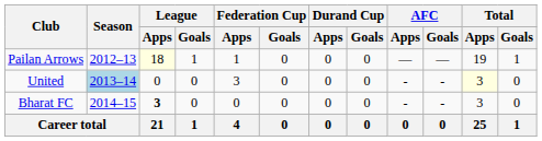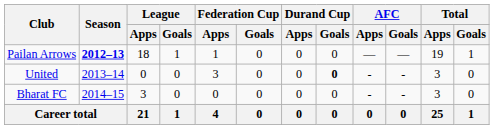 <table class="wikitable" style="font-size:90%; text-align:center;">
 <tr>
 <th rowspan="2">Club</th>
 <th rowspan="2">Season</th>
 <th colspan="2">League</th>
 <th colspan="2">Federation Cup</th>
 <th colspan="2">Durand Cup</th>
 <th colspan="2"><a href='#'>AFC</a></th>
 <th colspan="2">Total</th>
 </tr>
 <tr>
 <th>Apps</th>
 <th>Goals</th>
 <th>Apps</th>
 <th>Goals</th>
 <th>Apps</th>
 <th>Goals</th>
 <th>Apps</th>
 <th>Goals</th>
 <th>Apps</th>
 <th>Goals</th>
 </tr>
 <tr>
 <td rowspan="1"><a href='#'>Pailan Arrows</a></td>
-<td><a href='#'>2012–13</a></td>
-<td style="background: lightyellow;">18</td>
+<td><strong><a href='#'>2012–13</a></strong></td>
+<td>18</td>
 <td>1</td>
 <td>1</td>
 <td>0</td>
 <td>0</td>
 <td>0</td>
 <td>—</td>
 <td>—</td>
 <td>19</td>
 <td>1</td>
 </tr>
 <tr>
 <td><a href='#'>United</a></td>
-<td style="background: lightblue;"><a href='#'>2013–14</a></td>
+<td><a href='#'>2013–14</a></td>
 <td>0</td>
 <td>0</td>
 <td>3</td>
 <td>0</td>
 <td>0</td>
-<td>0</td>
+<td><strong>0</strong></td>
 <td>-</td>
 <td>-</td>
-<td style="background: lightyellow;">3</td>
+<td>3</td>
 <td>0</td>
 </tr>
 <tr>
 <td><a href='#'>Bharat FC</a></td>
 <td><a href='#'>2014–15</a></td>
-<td><strong>3</strong></td>
+<td>3</td>
 <td>0</td>
 <td>0</td>
 <td>0</td>
 <td>0</td>
 <td>0</td>
 <td>-</td>
 <td>-</td>
 <td>3</td>
 <td>0</td>
 </tr>
 <tr>
 <th colspan="2">Career total</th>
 <th>21</th>
 <th>1</th>
 <th>4</th>
 <th>0</th>
 <th>0</th>
 <th>0</th>
 <th>0</th>
 <th>0</th>
 <th>25</th>
 <th>1</th>
 </tr>
 </table>
